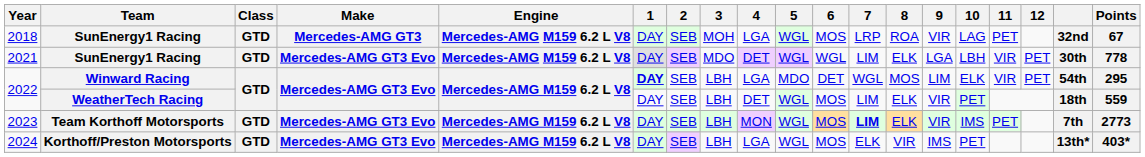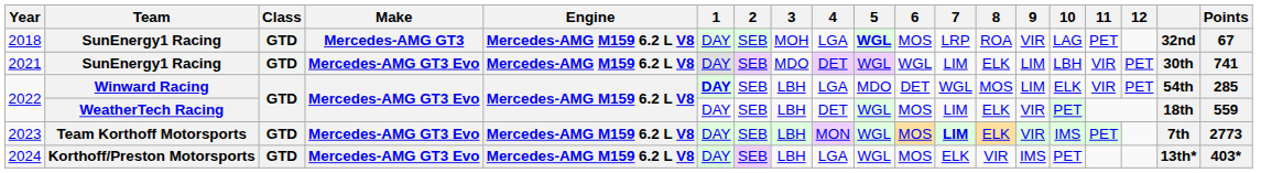 <table class="wikitable" style="text-align:center; font-size:90%">
 <tr>
 <th>Year</th>
 <th>Team</th>
 <th>Class</th>
 <th>Make</th>
 <th>Engine</th>
 <th>1</th>
 <th>2</th>
 <th>3</th>
 <th>4</th>
 <th>5</th>
 <th>6</th>
 <th>7</th>
 <th>8</th>
 <th>9</th>
 <th>10</th>
 <th>11</th>
 <th>12</th>
 <th></th>
 <th>Points</th>
 </tr>
 <tr>
 <td><a href='#'>2018</a></td>
 <th>SunEnergy1 Racing</th>
 <th>GTD</th>
 <th><a href='#'>Mercedes-AMG GT3</a></th>
 <th><a href='#'>Mercedes-AMG</a> <a href='#'>M159</a> 6.2 L <a href='#'>V8</a></th>
 <td style="background:#dfffdf"><a href='#'>DAY</a><br></td>
 <td style="background:#dfffdf"><a href='#'>SEB</a><br></td>
 <td><a href='#'>MOH</a><br></td>
 <td><a href='#'>LGA</a></td>
-<td style="background:#dfffdf"><a href='#'>WGL</a><br></td>
+<td style="background:#dfffdf"><strong><a href='#'>WGL</a><br></strong></td>
 <td><a href='#'>MOS</a></td>
 <td><a href='#'>LRP</a></td>
 <td><a href='#'>ROA</a></td>
 <td><a href='#'>VIR</a></td>
 <td><a href='#'>LAG</a></td>
 <td><a href='#'>PET</a></td>
 <td></td>
 <th>32nd</th>
 <th>67</th>
 </tr>
 <tr>
 <td><a href='#'>2021</a></td>
 <th>SunEnergy1 Racing</th>
 <th>GTD</th>
 <th><a href='#'>Mercedes-AMG GT3 Evo</a></th>
 <th><a href='#'>Mercedes-AMG</a> <a href='#'>M159</a> 6.2 L <a href='#'>V8</a></th>
 <td style="background:#dfdfdf"><a href='#'>DAY</a><br></td>
 <td style="background:#efcfff"><a href='#'>SEB</a><br></td>
 <td><a href='#'>MDO</a></td>
 <td style="background:#efcfff"><a href='#'>DET</a><br></td>
 <td style="background:#efcfff"><a href='#'>WGL</a><br></td>
 <td><a href='#'>WGL</a></td>
 <td><a href='#'>LIM</a></td>
 <td><a href='#'>ELK</a></td>
-<td><a href='#'>LGA</a></td>
+<td style="background:"><a href='#'>LIM</a><br></td>
 <td><a href='#'>LBH</a></td>
 <td><a href='#'>VIR</a></td>
 <td><a href='#'>PET</a></td>
 <th>30th</th>
-<th>778</th>
+<th>741</th>
 </tr>
 <tr>
 <td rowspan=2><a href='#'>2022</a></td>
 <th><a href='#'>Winward Racing</a></th>
 <th rowspan=2>GTD</th>
 <th rowspan=2><a href='#'>Mercedes-AMG GT3 Evo</a></th>
 <th rowspan=2><a href='#'>Mercedes-AMG M159</a> 6.2 L <a href='#'>V8</a></th>
 <td style="background:#DFFFDF;"><strong><a href='#'>DAY</a></strong><br></td>
 <td><a href='#'>SEB</a></td>
 <td><a href='#'>LBH</a></td>
 <td><a href='#'>LGA</a></td>
 <td><a href='#'>MDO</a><br></td>
 <td><a href='#'>DET</a><br></td>
 <td><a href='#'>WGL</a></td>
 <td style="background:"><a href='#'>MOS</a><br></td>
 <td style="background:"><a href='#'>LIM</a><br></td>
 <td style="background:"><a href='#'>ELK</a><br></td>
 <td style="background:"><a href='#'>VIR</a><br></td>
 <td style="background:"><a href='#'>PET</a><br></td>
 <th>54th</th>
-<th>295</th>
+<th>285</th>
 </tr>
 <tr>
 <th><a href='#'>WeatherTech Racing</a></th>
 <td><a href='#'>DAY</a></td>
 <td><a href='#'>SEB</a></td>
 <td><a href='#'>LBH</a></td>
 <td><a href='#'>DET</a><br></td>
 <td style="background:#DFFFDF;"><a href='#'>WGL</a><br></td>
 <td style="background:"><a href='#'>MOS</a><br></td>
 <td style="background:"><a href='#'>LIM</a><br></td>
 <td style="background:"><a href='#'>ELK</a><br></td>
 <td style="background:"><a href='#'>VIR</a><br></td>
 <td style="background:#DFFFDF;"><a href='#'>PET</a><br></td>
 <td colspan=2></td>
 <th>18th</th>
 <th>559</th>
 </tr>
 <tr>
 <td><a href='#'>2023</a></td>
 <th>Team Korthoff Motorsports</th>
 <th>GTD</th>
 <th><a href='#'>Mercedes-AMG GT3 Evo</a></th>
 <th><a href='#'>Mercedes-AMG M159</a> 6.2 L <a href='#'>V8</a></th>
 <td style="background:#DFFFDF;"><a href='#'>DAY</a><br></td>
 <td style="background:#DFFFDF;"><a href='#'>SEB</a><br></td>
 <td style="background:#DFFFDF;"><a href='#'>LBH</a><br></td>
 <td style="background:#EFCFFF;"><a href='#'>MON</a><br></td>
 <td style="background:#DFFFDF;"><a href='#'>WGL</a><br></td>
 <td style="background:#FFDF9F;”"><a href='#'>MOS</a><br></td>
 <td style="background:#DFFFDF;"><strong><a href='#'>LIM</a><br></strong></td>
 <td style="background:#FFDF9F;”"><a href='#'>ELK</a><br></td>
 <td style="background:#DFFFDF;”"><a href='#'>VIR</a><br></td>
 <td style="background:#DFFFDF;”"><a href='#'>IMS</a><br></td>
 <td style="background:#DFFFDF;”"><a href='#'>PET</a><br></td>
 <td></td>
 <th>7th</th>
 <th>2773</th>
 </tr>
 <tr>
 <td><a href='#'>2024</a></td>
 <th>Korthoff/Preston Motorsports</th>
 <th>GTD</th>
 <th><a href='#'>Mercedes-AMG GT3 Evo</a></th>
 <th><a href='#'>Mercedes-AMG M159</a> 6.2 L <a href='#'>V8</a></th>
 <td style="background:#DFFFDF;"><a href='#'>DAY</a><br></td>
 <td style="background:#EFCFFF;"><a href='#'>SEB</a><br></td>
 <td><a href='#'>LBH</a></td>
 <td><a href='#'>LGA</a></td>
 <td><a href='#'>WGL</a></td>
 <td><a href='#'>MOS</a></td>
 <td><a href='#'>ELK</a></td>
 <td><a href='#'>VIR</a></td>
 <td><a href='#'>IMS</a></td>
 <td><a href='#'>PET</a></td>
 <td></td>
 <td></td>
 <th>13th*</th>
 <th>403*</th>
 </tr>
 </table>
